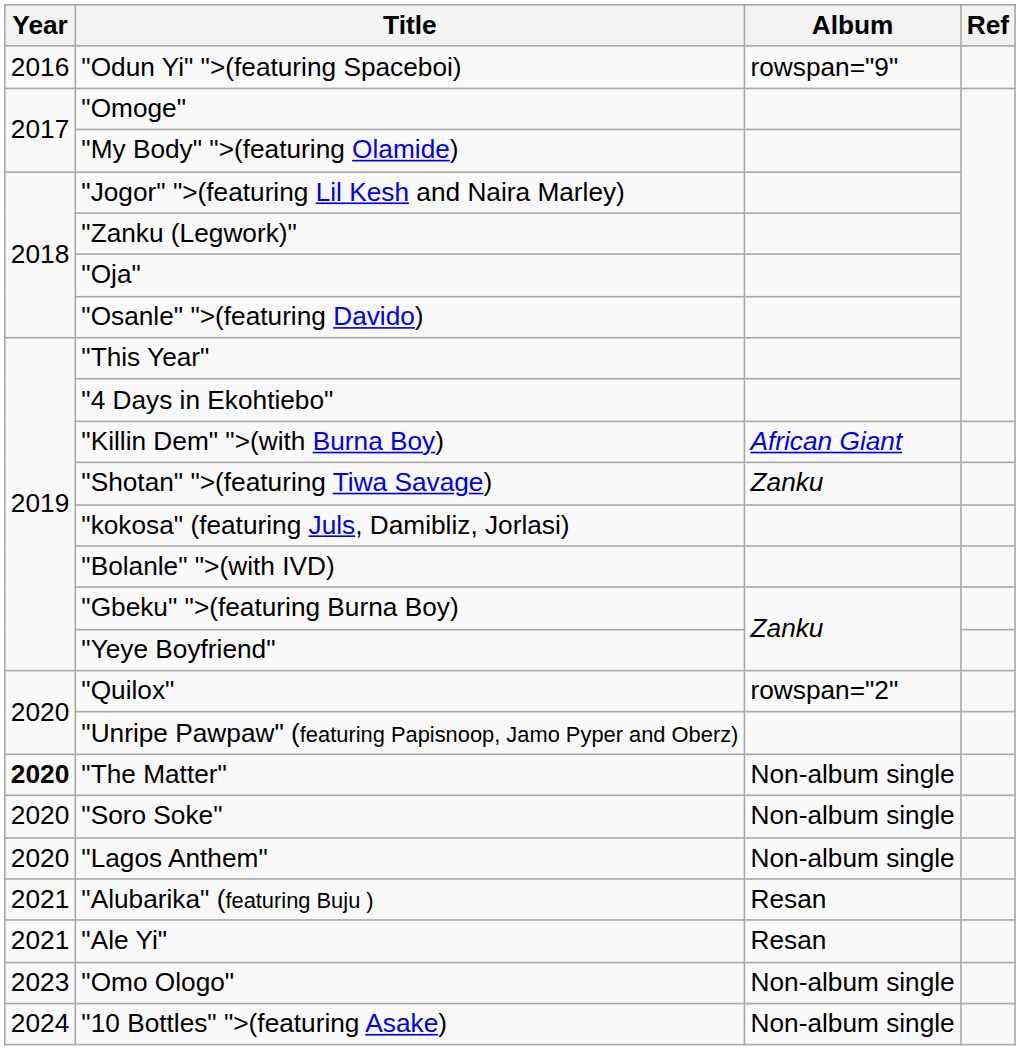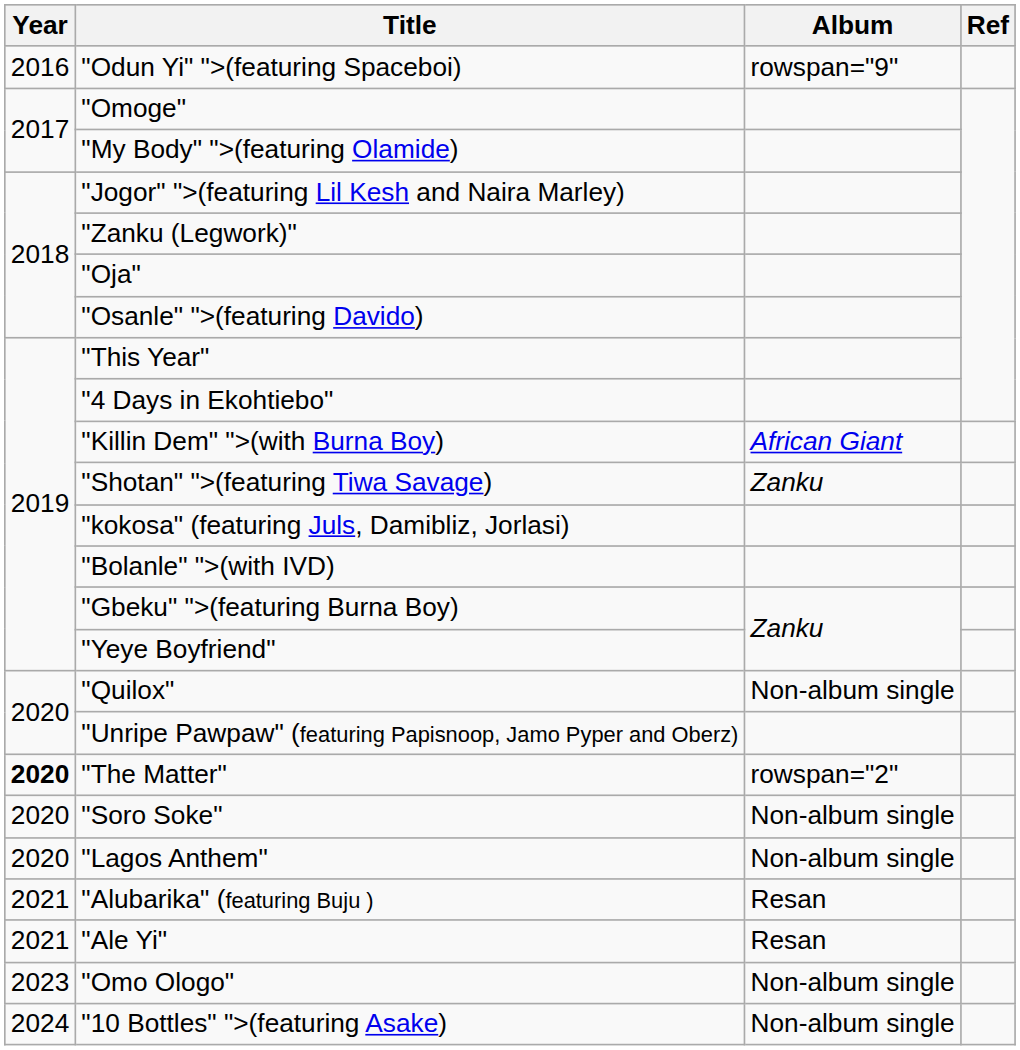 <table class="wikitable sortable">
 <tr>
 <th>Year</th>
 <th>Title</th>
 <th>Album</th>
 <th>Ref</th>
 </tr>
 <tr>
 <td>2016</td>
 <td>"Odun Yi" <span>">(featuring Spaceboi)</span></td>
 <td>rowspan="9"</td>
 <td></td>
 </tr>
 <tr>
 <td rowspan="2">2017</td>
 <td>"Omoge"</td>
 <td></td>
 </tr>
 <tr>
 <td>"My Body" <span>">(featuring <a href='#'>Olamide</a>)</span></td>
 <td></td>
 </tr>
 <tr>
 <td rowspan="4">2018</td>
 <td>"Jogor" <span>">(featuring <a href='#'>Lil Kesh</a> and Naira Marley)</span></td>
 <td></td>
 </tr>
 <tr>
 <td>"Zanku (Legwork)"</td>
 <td></td>
 </tr>
 <tr>
 <td>"Oja"</td>
 <td></td>
 </tr>
 <tr>
 <td>"Osanle" <span>">(featuring <a href='#'>Davido</a>)</span></td>
 <td></td>
 </tr>
 <tr>
 <td rowspan="8">2019</td>
 <td>"This Year"</td>
 <td></td>
 </tr>
 <tr>
 <td>"4 Days in Ekohtiebo"</td>
 <td></td>
 </tr>
 <tr>
 <td>"Killin Dem" <span>">(with <a href='#'>Burna Boy</a>)</span></td>
 <td><em><a href='#'>African Giant</a></em></td>
 <td></td>
 </tr>
 <tr>
 <td>"Shotan" <span>">(featuring <a href='#'>Tiwa Savage</a>)</span></td>
 <td><em>Zanku</em></td>
 <td></td>
 </tr>
 <tr>
 <td>"kokosa" (featuring <a href='#'>Juls</a>, Damibliz, Jorlasi)</td>
 <td></td>
 <td></td>
 </tr>
 <tr>
 <td>"Bolanle" <span>">(with IVD)</span></td>
 <td></td>
 <td></td>
 </tr>
 <tr>
 <td>"Gbeku" <span>">(featuring Burna Boy)</span></td>
 <td rowspan="2"><em>Zanku</em></td>
 <td></td>
 </tr>
 <tr>
 <td>"Yeye Boyfriend"</td>
 <td></td>
 </tr>
 <tr>
 <td rowspan="2">2020</td>
 <td>"Quilox"</td>
-<td>rowspan="2" </td>
+<td>Non-album single</td>
 <td></td>
 </tr>
 <tr>
 <td>"Unripe Pawpaw" (<small>featuring Papisnoop, Jamo Pyper and Oberz)</small></td>
 <td></td>
 </tr>
 <tr>
 <td><strong>2020</strong></td>
 <td>"The Matter"</td>
-<td>Non-album single</td>
+<td>rowspan="2" </td>
 <td></td>
 </tr>
 <tr>
 <td>2020</td>
 <td>"Soro Soke"</td>
 <td>Non-album single</td>
 <td></td>
 </tr>
 <tr>
 <td>2020</td>
 <td>"Lagos Anthem"</td>
 <td>Non-album single</td>
 <td></td>
 </tr>
 <tr>
 <td>2021</td>
 <td>"Alubarika" (<small>featuring Buju )</small></td>
 <td>Resan</td>
 <td></td>
 </tr>
 <tr>
 <td>2021</td>
 <td>"Ale Yi"</td>
 <td>Resan</td>
 <td></td>
 </tr>
 <tr>
 <td>2023</td>
 <td>"Omo Ologo"</td>
 <td>Non-album single</td>
 <td></td>
 </tr>
 <tr>
 <td>2024</td>
 <td>"10 Bottles" <span>">(featuring <a href='#'>Asake</a>)</span></td>
 <td>Non-album single</td>
 <td></td>
 </tr>
 </table>
